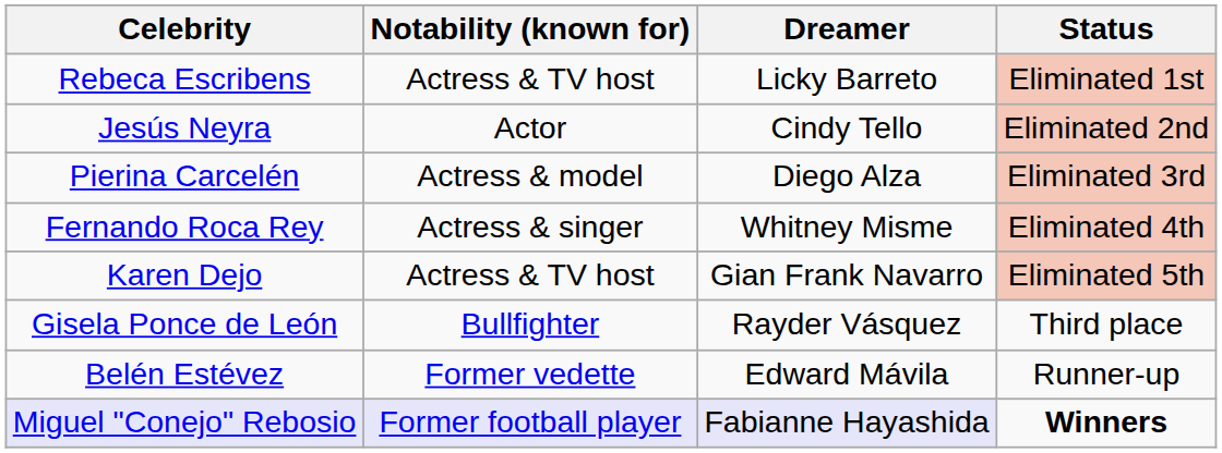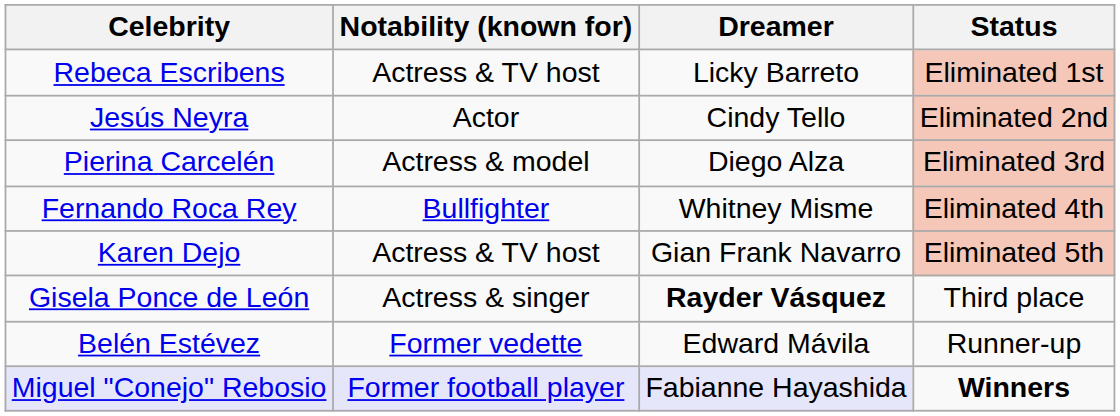 <table class= "wikitable sortable" style="text-align: center; margin:auto; align: center">
 <tr>
 <th>Celebrity</th>
 <th>Notability (known for)</th>
 <th>Dreamer</th>
 <th>Status</th>
 </tr>
 <tr>
 <td><a href='#'>Rebeca Escribens</a></td>
 <td>Actress & TV host</td>
 <td>Licky Barreto</td>
 <td style="background:#f4c7b8;text-align:center">Eliminated 1st<br></td>
 </tr>
 <tr>
 <td><a href='#'>Jesús Neyra</a></td>
 <td>Actor</td>
 <td>Cindy Tello</td>
 <td style="background:#f4c7b8;text-align:center">Eliminated 2nd<br></td>
 </tr>
 <tr>
 <td><a href='#'>Pierina Carcelén</a></td>
 <td>Actress & model</td>
 <td>Diego Alza</td>
 <td style="background:#f4c7b8;text-align:center">Eliminated 3rd<br></td>
 </tr>
 <tr>
 <td><a href='#'>Fernando Roca Rey</a></td>
-<td>Actress & singer</td>
+<td><a href='#'>Bullfighter</a></td>
 <td>Whitney Misme</td>
 <td style="background:#f4c7b8;text-align:center">Eliminated 4th<br></td>
 </tr>
 <tr>
 <td><a href='#'>Karen Dejo</a></td>
 <td>Actress & TV host</td>
 <td>Gian Frank Navarro</td>
 <td style="background:#f4c7b8;text-align:center">Eliminated 5th<br></td>
 </tr>
 <tr>
 <td><a href='#'>Gisela Ponce de León</a></td>
-<td><a href='#'>Bullfighter</a></td>
-<td>Rayder Vásquez</td>
+<td>Actress & singer</td>
+<td><strong>Rayder Vásquez</strong></td>
 <td style="background:D2B48C;text-align:center">Third place<br></td>
 </tr>
 <tr>
 <td><a href='#'>Belén Estévez</a></td>
 <td><a href='#'>Former vedette</a></td>
 <td>Edward Mávila</td>
 <td style="background:C0C0C0;text-align:center">Runner-up<br></td>
 </tr>
 <tr>
 <td bgcolor="lavender"><a href='#'>Miguel "Conejo" Rebosio</a></td>
 <td bgcolor="lavender"><a href='#'>Former football player</a></td>
 <td bgcolor="lavender">Fabianne Hayashida</td>
 <td style="background:FFD700;text-align:center"><strong>Winners</strong><br></td>
 </tr>
 </table>
